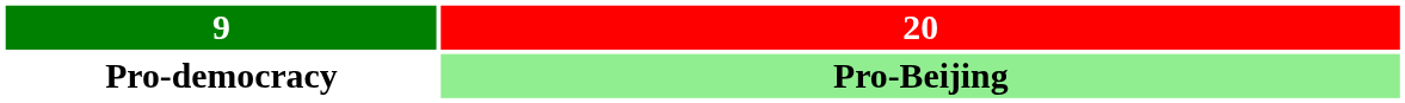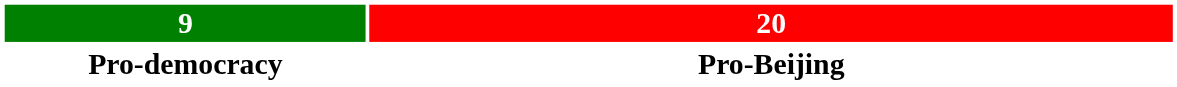 <table style="width:50%; text-align:center;">
 <tr style="color:white;">
 <td style="background:green; width:31.03%;"><strong>9</strong></td>
 <td style="background:red; width:68.97%;"><strong>20</strong></td>
 </tr>
 <tr>
 <td><span><strong>Pro-democracy</strong></span></td>
-<td style="background: lightgreen;"><span><strong>Pro-Beijing</strong></span></td>
+<td><span><strong>Pro-Beijing</strong></span></td>
 </tr>
 </table>
